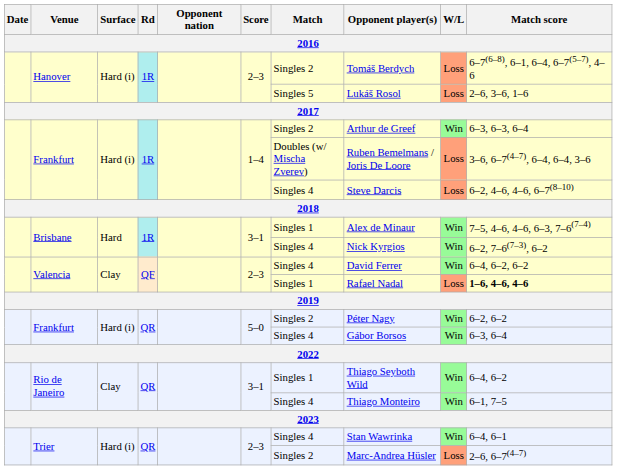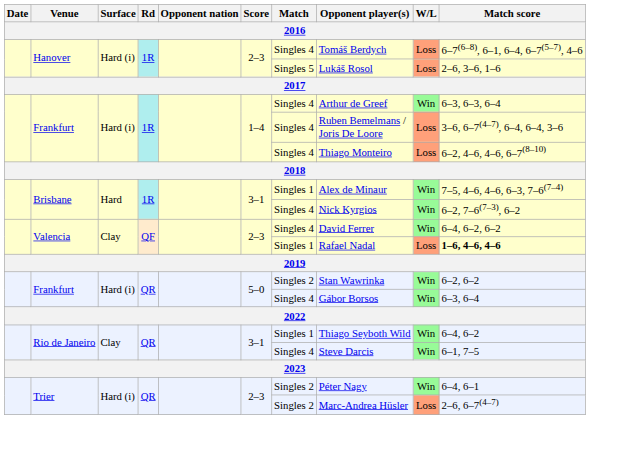 <table class="wikitable nowrap" style=font-size:96%>
 <tr>
 <th>Date</th>
 <th>Venue</th>
 <th>Surface</th>
 <th>Rd</th>
 <th>Opponent nation</th>
 <th>Score</th>
 <th>Match</th>
 <th>Opponent player(s)</th>
 <th>W/L</th>
 <th>Match score</th>
 </tr>
 <tr bgcolor="efefef">
 <th colspan="11"><a href='#'>2016</a></th>
 </tr>
 <tr bgcolor="ffffcc">
 <td rowspan="2"></td>
 <td rowspan="2"><a href='#'>Hanover</a></td>
 <td rowspan="2">Hard (i)</td>
 <td rowspan="2" align="center" bgcolor="afeeee"><a href='#'>1R</a></td>
 <td rowspan="2"></td>
 <td rowspan="2" align="center">2–3</td>
-<td>Singles 2</td>
+<td>Singles 4</td>
 <td><a href='#'>Tomáš Berdych</a></td>
 <td bgcolor=ffa07a align=center>Loss</td>
 <td>6–7<sup>(6–8)</sup>, 6–1, 6–4, 6–7<sup>(5–7)</sup>, 4–6</td>
 </tr>
 <tr bgcolor="ffffcc">
 <td>Singles 5</td>
 <td><a href='#'>Lukáš Rosol</a></td>
 <td bgcolor=FFA07A align=center>Loss</td>
 <td>2–6, 3–6, 1–6</td>
 </tr>
 <tr bgcolor="efefef">
 <th colspan="11"><a href='#'>2017</a></th>
 </tr>
 <tr bgcolor="ffffcc">
 <td rowspan="3"></td>
 <td rowspan="3"><a href='#'>Frankfurt</a></td>
 <td rowspan="3">Hard (i)</td>
 <td rowspan="3" align="center" bgcolor="afeeee"><a href='#'>1R</a></td>
 <td rowspan="3"></td>
 <td rowspan="3" align="center">1–4</td>
-<td>Singles 2</td>
+<td>Singles 4</td>
 <td><a href='#'>Arthur de Greef</a></td>
 <td bgcolor=98FB98 align=center>Win</td>
 <td>6–3, 6–3, 6–4</td>
 </tr>
 <tr bgcolor="ffffcc">
-<td>Doubles (w/ <br> <a href='#'>Mischa Zverev</a>)</td>
+<td>Singles 4</td>
 <td><a href='#'>Ruben Bemelmans</a> / <br> <a href='#'>Joris De Loore</a></td>
 <td bgcolor=FFA07A align=center>Loss</td>
 <td>3–6, 6–7<sup>(4–7)</sup>, 6–4, 6–4, 3–6</td>
 </tr>
 <tr bgcolor="ffffcc">
 <td>Singles 4</td>
-<td><a href='#'>Steve Darcis</a></td>
+<td><a href='#'>Thiago Monteiro</a></td>
 <td bgcolor=FFA07A align=center>Loss</td>
 <td>6–2, 4–6, 4–6, 6–7<sup>(8–10)</sup></td>
 </tr>
 <tr bgcolor="efefef">
 <th colspan="11"><a href='#'>2018</a></th>
 </tr>
 <tr bgcolor="ffffcc">
 <td rowspan="2"></td>
 <td rowspan="2"><a href='#'>Brisbane</a></td>
 <td rowspan="2">Hard</td>
 <td rowspan="2" align="center" bgcolor="afeeee"><a href='#'>1R</a></td>
 <td rowspan="2"></td>
 <td rowspan="2" align="center">3–1</td>
 <td>Singles 1</td>
 <td><a href='#'>Alex de Minaur</a></td>
 <td bgcolor=98FB98 align=center>Win</td>
 <td>7–5, 4–6, 4–6, 6–3, 7–6<sup>(7–4)</sup></td>
 </tr>
 <tr bgcolor="ffffcc">
 <td>Singles 4</td>
 <td><a href='#'>Nick Kyrgios</a></td>
 <td bgcolor=98FB98 align=center>Win</td>
 <td>6–2, 7–6<sup>(7–3)</sup>, 6–2</td>
 </tr>
 <tr bgcolor="ffffcc">
 <td rowspan="2"></td>
 <td rowspan="2"><a href='#'>Valencia</a></td>
 <td rowspan="2">Clay</td>
 <td rowspan="2" align="center" bgcolor="ffebcd"><a href='#'>QF</a></td>
 <td rowspan="2"></td>
 <td rowspan="2" align="center">2–3</td>
 <td>Singles 4</td>
 <td><a href='#'>David Ferrer</a></td>
 <td bgcolor=98FB98 align=center>Win</td>
 <td>6–4, 6–2, 6–2</td>
 </tr>
 <tr bgcolor="ffffcc">
 <td>Singles 1</td>
 <td><a href='#'>Rafael Nadal</a></td>
 <td bgcolor=FFA07A align=center>Loss</td>
 <td><strong>1–6, 4–6, 4–6</strong></td>
 </tr>
 <tr bgcolor="efefef">
 <th colspan="11"><a href='#'>2019</a></th>
 </tr>
 <tr bgcolor="ecf2ff">
 <td rowspan="2"></td>
 <td rowspan="2"><a href='#'>Frankfurt</a></td>
 <td rowspan="2">Hard (i)</td>
 <td rowspan="2" align="center"><a href='#'>QR</a></td>
 <td rowspan="2"></td>
 <td rowspan="2" align="center">5–0</td>
 <td>Singles 2</td>
-<td><a href='#'>Péter Nagy</a></td>
+<td><a href='#'>Stan Wawrinka</a></td>
 <td bgcolor=98FB98 align=center>Win</td>
 <td>6–2, 6–2</td>
 </tr>
 <tr bgcolor="ecf2ff">
 <td>Singles 4</td>
 <td><a href='#'>Gábor Borsos</a></td>
 <td bgcolor=98FB98 align=center>Win</td>
 <td>6–3, 6–4</td>
 </tr>
 <tr bgcolor="efefef">
 <th colspan="11"><a href='#'>2022</a></th>
 </tr>
 <tr bgcolor="ecf2ff">
 <td rowspan="2"></td>
 <td rowspan="2"><a href='#'>Rio de Janeiro</a></td>
 <td rowspan="2">Clay</td>
 <td rowspan="2" align="center"><a href='#'>QR</a></td>
 <td rowspan="2"></td>
 <td rowspan="2" align="center">3–1</td>
 <td>Singles 1</td>
 <td><a href='#'>Thiago Seyboth Wild</a></td>
 <td bgcolor=98FB98 align=center>Win</td>
 <td>6–4, 6–2</td>
 </tr>
 <tr bgcolor="ecf2ff">
 <td>Singles 4</td>
-<td><a href='#'>Thiago Monteiro</a></td>
+<td><a href='#'>Steve Darcis</a></td>
 <td bgcolor=98FB98 align=center>Win</td>
 <td>6–1, 7–5</td>
 </tr>
 <tr bgcolor="efefef">
 <th colspan="11"><a href='#'>2023</a></th>
 </tr>
 <tr bgcolor="ecf2ff">
 <td rowspan="2"></td>
 <td rowspan="2"><a href='#'>Trier</a></td>
 <td rowspan="2">Hard (i)</td>
 <td rowspan="2" align="center"><a href='#'>QR</a></td>
 <td rowspan="2"></td>
 <td rowspan="2" align="center">2–3</td>
-<td>Singles 4</td>
-<td><a href='#'>Stan Wawrinka</a></td>
+<td>Singles 2</td>
+<td><a href='#'>Péter Nagy</a></td>
 <td bgcolor=98FB98 align=center>Win</td>
 <td>6–4, 6–1</td>
 </tr>
 <tr bgcolor="ecf2ff">
 <td>Singles 2</td>
 <td><a href='#'>Marc-Andrea Hüsler</a></td>
 <td bgcolor=FFA07A align=center>Loss</td>
 <td>2–6, 6–7<sup>(4–7)</sup></td>
 </tr>
 </table>
